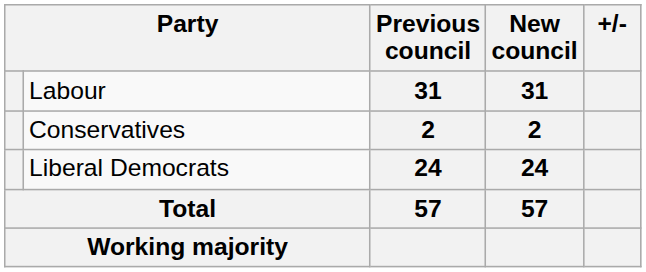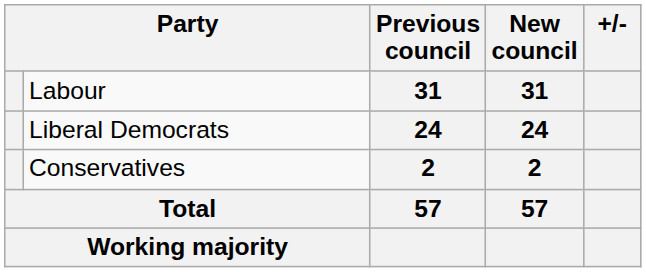 <table class="wikitable">
 <tr>
 <th valign=top colspan="2" style="width: 230px">Party</th>
 <th valign=top style="width: 30px">Previous council</th>
 <th valign=top style="width: 30px">New council</th>
 <th valign=top style="width: 30px">+/-</th>
 </tr>
 <tr>
 <th style="background-color: "></th>
 <td>Labour</td>
 <th align=center>31</th>
 <th align=center>31</th>
 <th align=center></th>
 </tr>
 <tr>
 <th style="background-color: "></th>
-<td>Conservatives</td>
-<th align=center>2</th>
-<th align=center>2</th>
+<td>Liberal Democrats</td>
+<th align=center>24</th>
+<th align=center>24</th>
 <th align=center></th>
 </tr>
 <tr>
 <th style="background-color: "></th>
-<td>Liberal Democrats</td>
-<th align=center>24</th>
-<th align=center>24</th>
+<td>Conservatives</td>
+<th align=center>2</th>
+<th align=center>2</th>
 <th align=center></th>
 </tr>
 <tr>
 <th colspan=2>Total</th>
 <th style="text-align: center">57</th>
 <th style="text-align: center">57</th>
 <th></th>
 </tr>
 <tr>
 <th colspan=2>Working majority</th>
 <th></th>
 <th></th>
 <th></th>
 </tr>
 </table>
